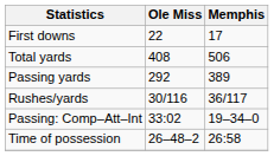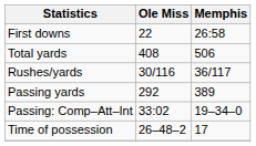 <table class="wikitable" style="float: left;">
 <tr>
 <th>Statistics</th>
 <th>Ole Miss</th>
 <th>Memphis</th>
 </tr>
 <tr>
 <td>First downs</td>
 <td>22</td>
-<td>17</td>
+<td>26:58</td>
 </tr>
 <tr>
 <td>Total yards</td>
 <td>408</td>
 <td>506</td>
 </tr>
 <tr>
+<td>Rushes/yards</td>
+<td>30/116</td>
+<td>36/117</td>
+</tr>
+<tr>
 <td>Passing yards</td>
 <td>292</td>
 <td>389</td>
-</tr>
-<tr>
-<td>Rushes/yards</td>
-<td>30/116</td>
-<td>36/117</td>
 </tr>
 <tr>
 <td>Passing: Comp–Att–Int</td>
 <td>33:02</td>
 <td>19–34–0</td>
 </tr>
 <tr>
 <td>Time of possession</td>
 <td>26–48–2</td>
-<td>26:58</td>
+<td>17</td>
 </tr>
 <tr>
 </tr>
 </table>
